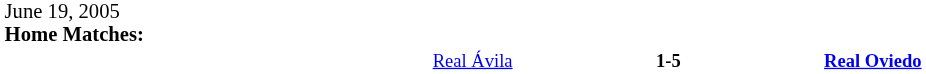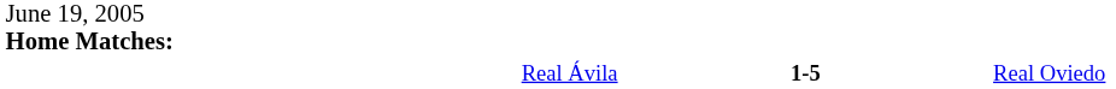 <table width=100% cellspacing=1>
 <tr>
 <th width=20%></th>
 <th width=12%></th>
 <th width=20%></th>
 <th></th>
 </tr>
 <tr>
 <td>June 19, 2005<br><strong>Home Matches:</strong></td>
 </tr>
 <tr style=font-size:90%>
 <td align=right><a href='#'>Real Ávila</a></td>
 <td align=center><strong>1-5</strong></td>
-<td><strong><a href='#'>Real Oviedo</a></strong></td>
+<td><a href='#'>Real Oviedo</a></td>
 </tr>
 </table>
